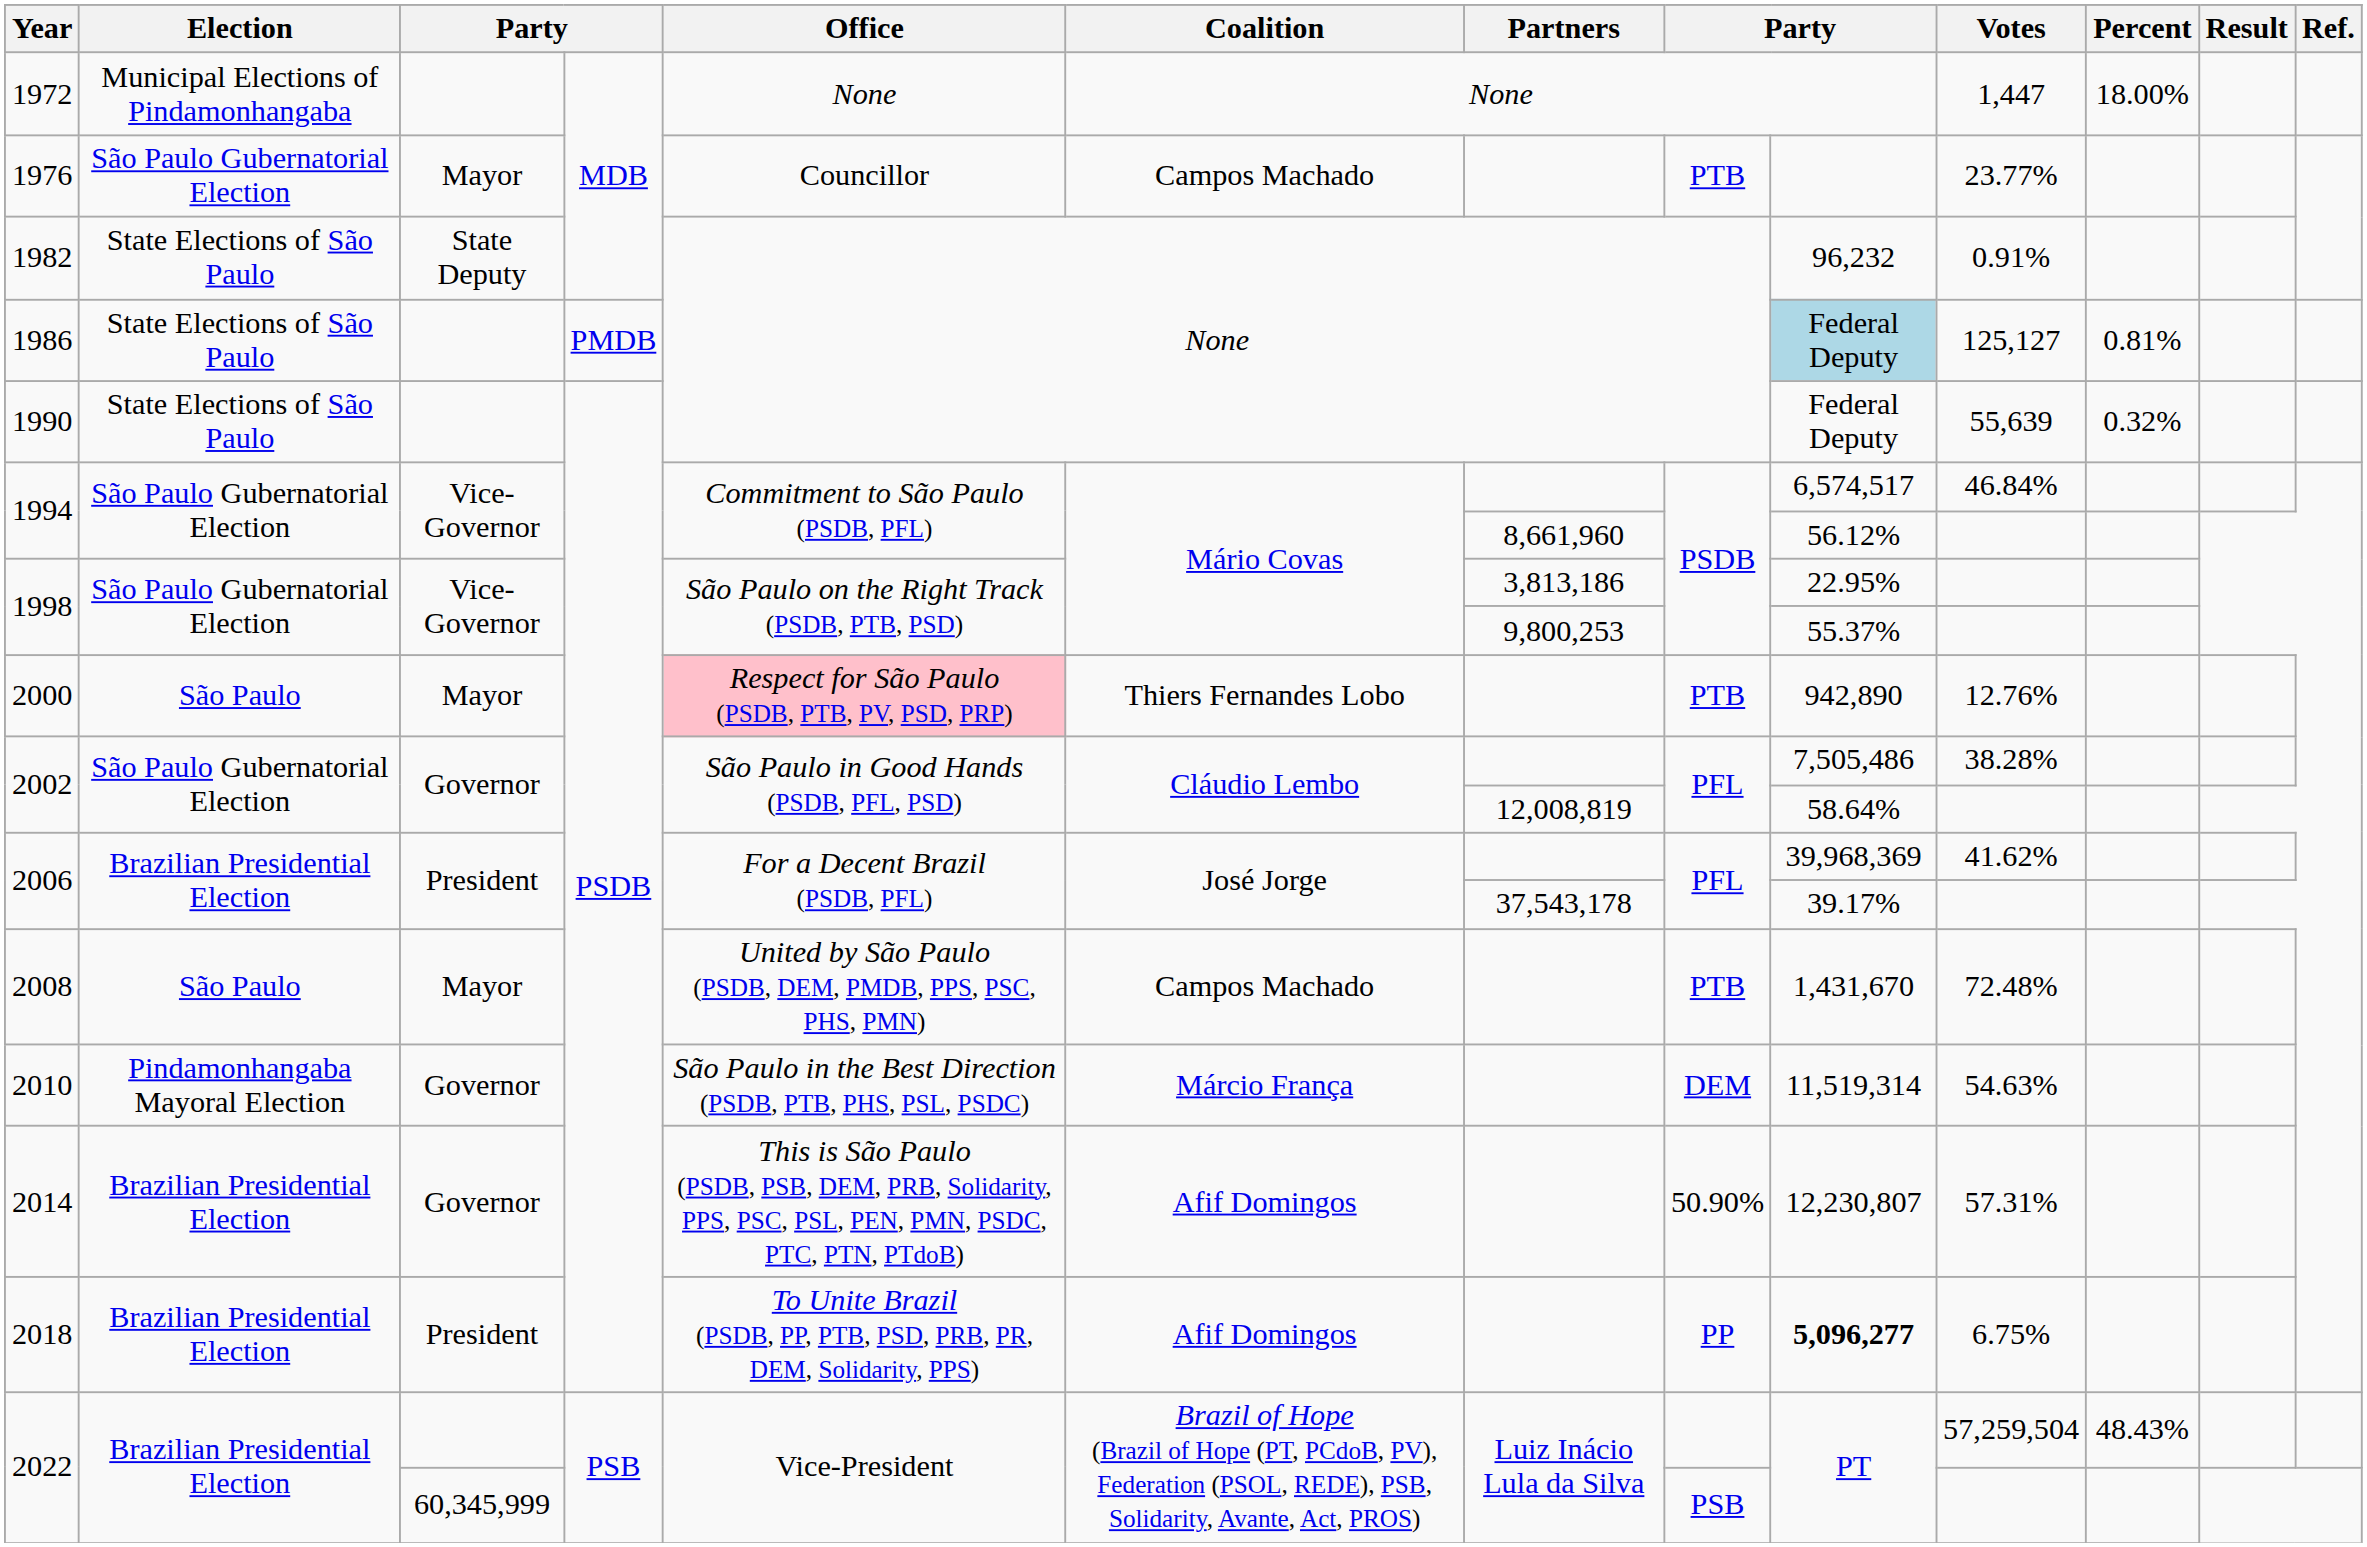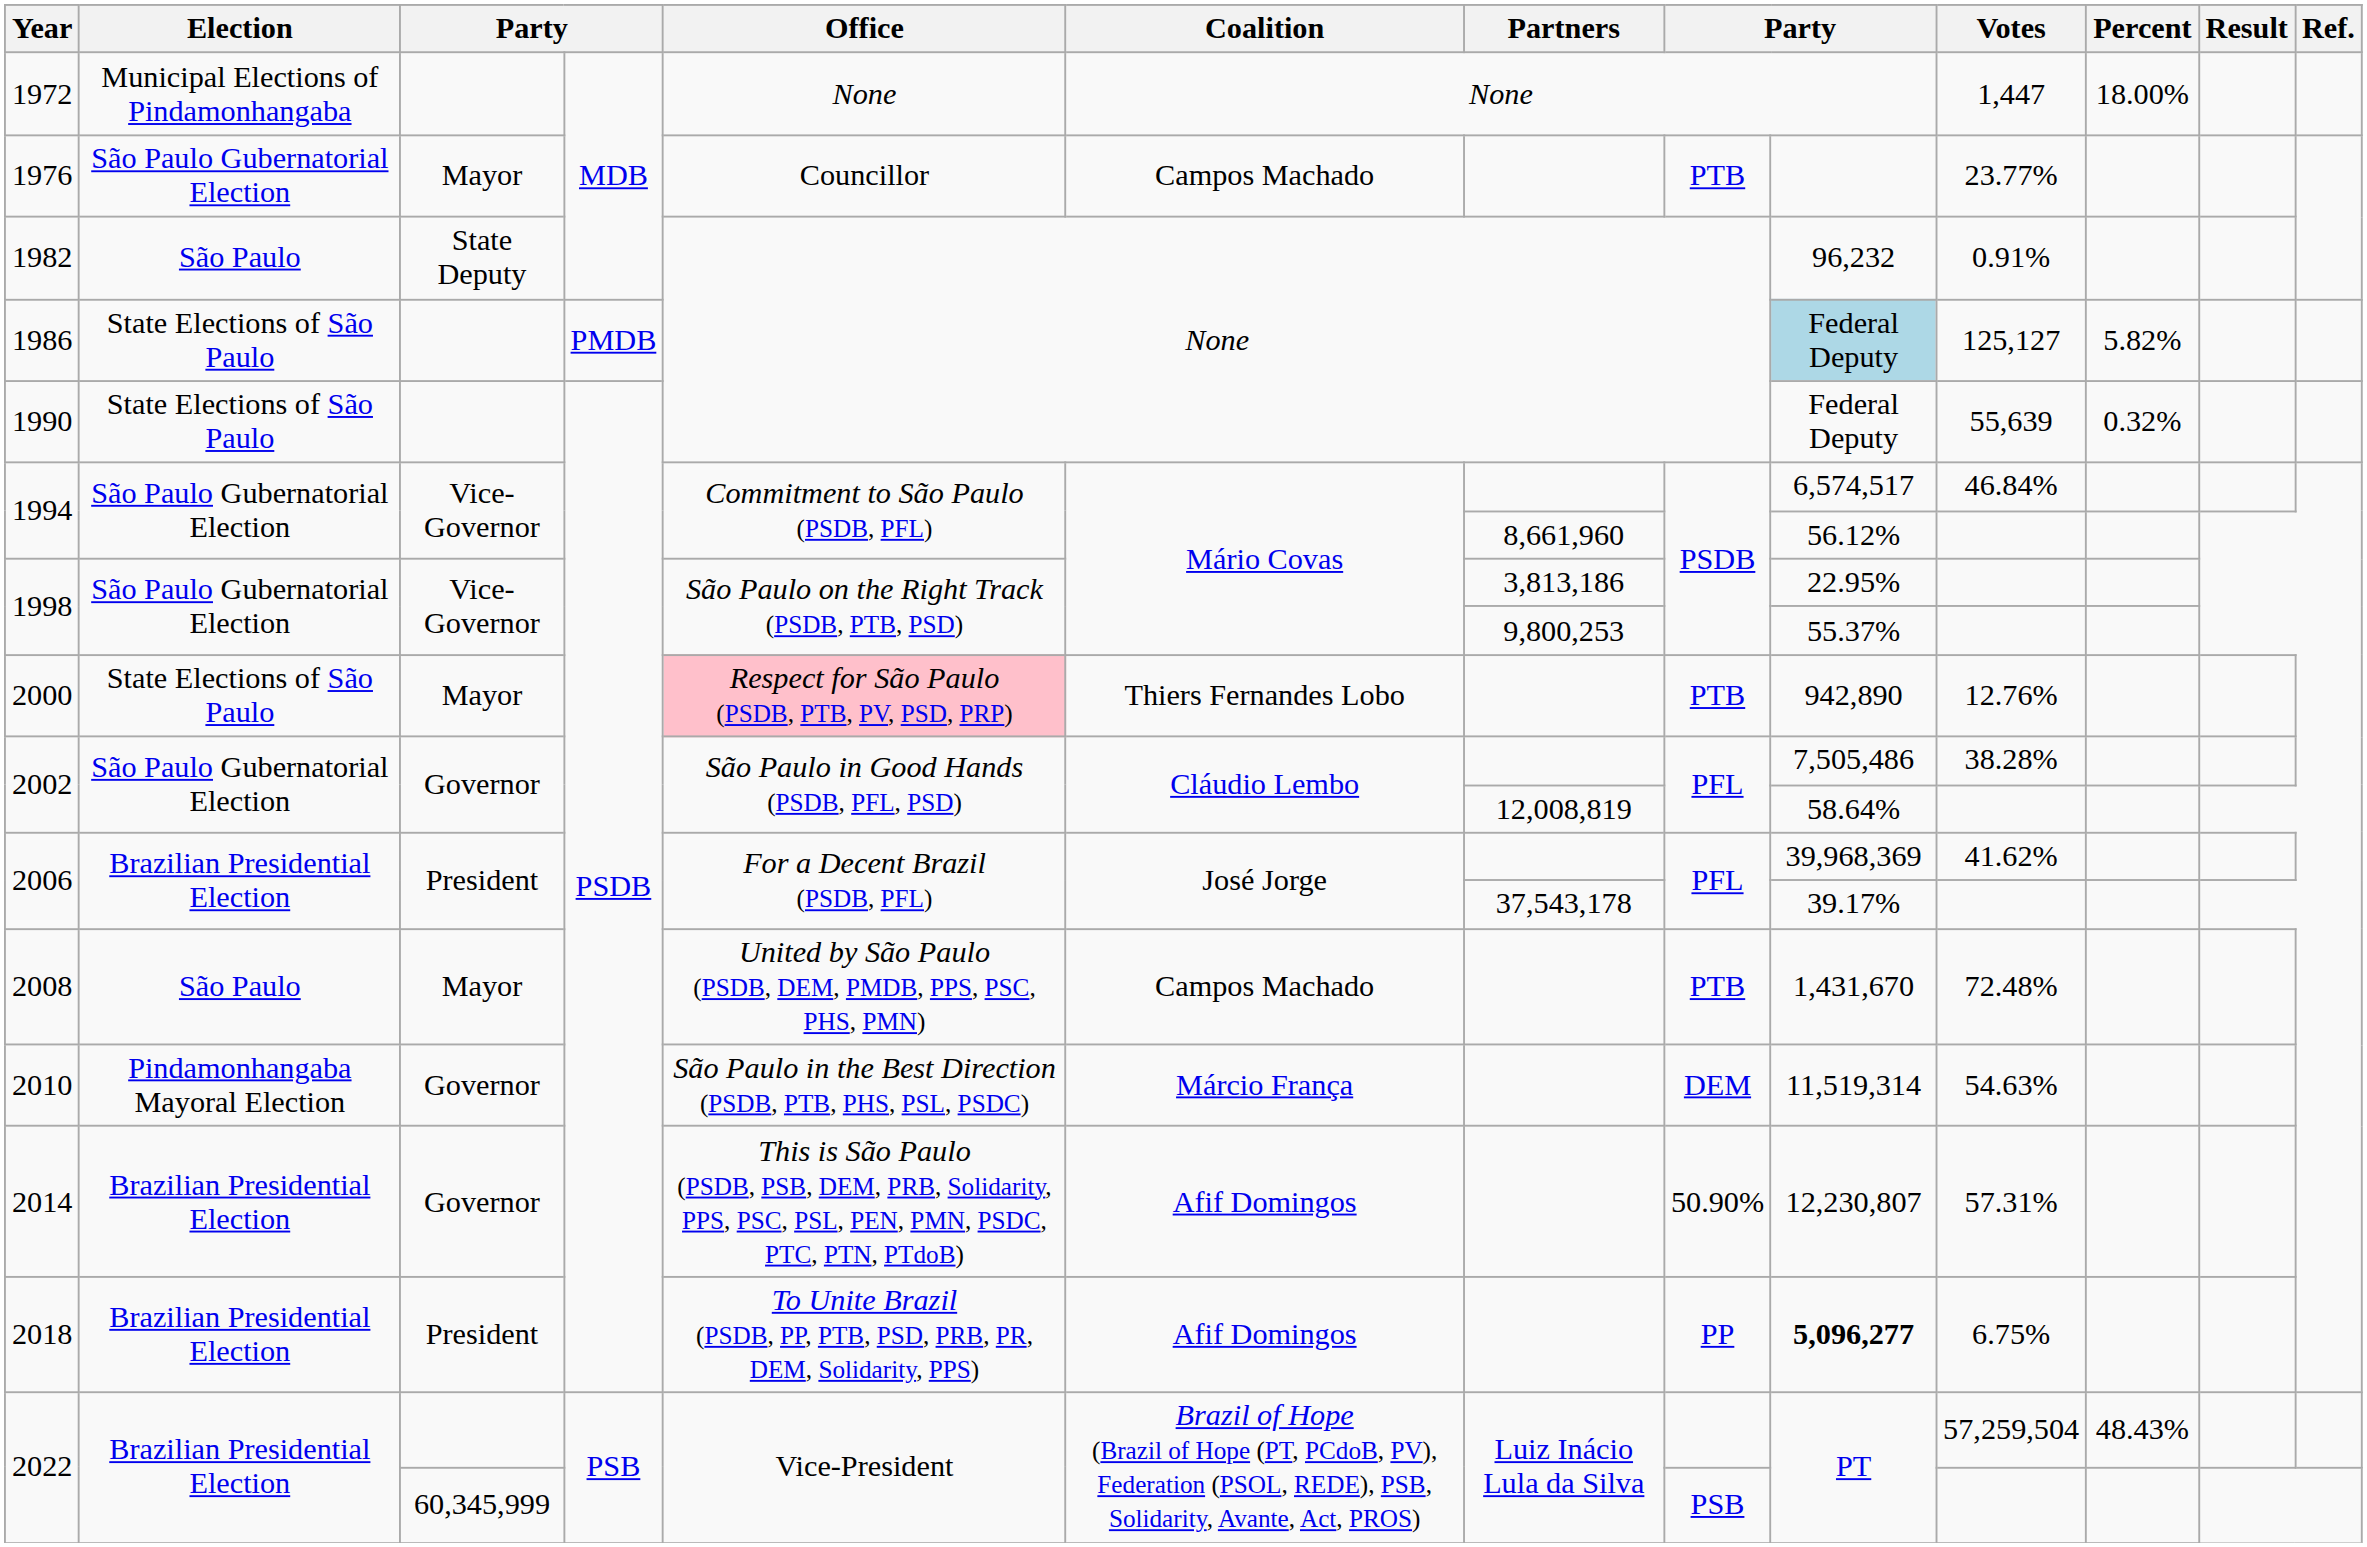 <table class="wikitable" style="text-align:center">
 <tr>
 <th>Year</th>
 <th>Election</th>
 <th colspan="2">Party</th>
 <th>Office</th>
 <th>Coalition</th>
 <th>Partners</th>
 <th colspan="2">Party</th>
 <th>Votes</th>
 <th>Percent</th>
 <th>Result</th>
 <th>Ref.</th>
 </tr>
 <tr>
 <td>1972</td>
 <td>Municipal Elections of <a href='#'>Pindamonhangaba</a></td>
 <td style="background-color:"></td>
 <td rowspan="3"><a href='#'>MDB</a></td>
 <td><em>None</em></td>
 <td colspan="4"><em>None</em></td>
 <td>1,447</td>
 <td>18.00%</td>
 <td></td>
 <td></td>
 </tr>
 <tr>
 <td>1976</td>
 <td><a href='#'>São Paulo Gubernatorial Election</a></td>
 <td>Mayor</td>
 <td>Councillor</td>
 <td>Campos Machado</td>
 <td style="background-color:"></td>
 <td><a href='#'>PTB</a></td>
 <td></td>
 <td>23.77%</td>
 <td></td>
 <td></td>
 </tr>
 <tr>
 <td>1982</td>
-<td>State Elections of <a href='#'>São Paulo</a></td>
+<td><a href='#'>São Paulo</a> </td>
 <td>State Deputy</td>
 <td colspan="4" rowspan="3"><em>None</em></td>
 <td>96,232</td>
 <td>0.91%</td>
 <td></td>
 <td></td>
 </tr>
 <tr>
 <td>1986</td>
 <td>State Elections of <a href='#'>São Paulo</a></td>
 <td style="background-color:"></td>
 <td><a href='#'>PMDB</a></td>
 <td style="background: lightblue;">Federal Deputy</td>
 <td>125,127</td>
-<td>0.81%</td>
+<td>5.82%</td>
 <td></td>
 <td></td>
 </tr>
 <tr>
 <td>1990</td>
 <td>State Elections of <a href='#'>São Paulo</a></td>
 <td style="background-color:"></td>
 <td rowspan="14"><a href='#'>PSDB</a></td>
 <td>Federal Deputy</td>
 <td>55,639</td>
 <td>0.32%</td>
 <td></td>
 <td></td>
 </tr>
 <tr>
 <td rowspan="2">1994</td>
 <td rowspan="2"><a href='#'>São Paulo</a> Gubernatorial Election</td>
 <td rowspan="2">Vice-Governor</td>
 <td rowspan="2"><em>Commitment to São Paulo</em><br><small>(<a href='#'>PSDB</a>, <a href='#'>PFL</a>)</small></td>
 <td rowspan="4"><a href='#'>Mário Covas</a></td>
 <td style="background-color:"></td>
 <td rowspan="4"><a href='#'>PSDB</a></td>
 <td>6,574,517</td>
 <td>46.84%</td>
 <td></td>
 <td></td>
 </tr>
 <tr>
 <td>8,661,960</td>
 <td>56.12%</td>
 <td><br><small><em></em></small></td>
 <td></td>
 </tr>
 <tr>
 <td rowspan="2">1998</td>
 <td rowspan="2"><a href='#'>São Paulo</a> Gubernatorial Election</td>
 <td rowspan="2">Vice-Governor</td>
 <td rowspan="2"><em>São Paulo on the Right Track</em><br><small>(<a href='#'>PSDB</a>, <a href='#'>PTB</a>, <a href='#'>PSD</a>)</small></td>
 <td>3,813,186</td>
 <td>22.95%</td>
 <td></td>
 <td></td>
 </tr>
 <tr>
 <td>9,800,253</td>
 <td>55.37%</td>
 <td><br><small><em></em></small></td>
 <td></td>
 </tr>
 <tr>
 <td>2000</td>
-<td><a href='#'>São Paulo</a> </td>
+<td>State Elections of <a href='#'>São Paulo</a></td>
 <td>Mayor</td>
 <td style="background: pink;"><em>Respect for São Paulo</em><br><small>(<a href='#'>PSDB</a>, <a href='#'>PTB</a>, <a href='#'>PV</a>, <a href='#'>PSD</a>, <a href='#'>PRP</a>)</small></td>
 <td>Thiers Fernandes Lobo</td>
 <td style="background-color:"></td>
 <td><a href='#'>PTB</a></td>
 <td>942,890</td>
 <td>12.76%</td>
 <td><br><small><em></em></small></td>
 <td></td>
 </tr>
 <tr>
 <td rowspan="2">2002</td>
 <td rowspan="2"><a href='#'>São Paulo</a> Gubernatorial Election</td>
 <td rowspan="2">Governor</td>
 <td rowspan="2"><em>São Paulo in Good Hands</em><br><small>(<a href='#'>PSDB</a>, <a href='#'>PFL</a>, <a href='#'>PSD</a>)</small></td>
 <td rowspan="2"><a href='#'>Cláudio Lembo</a></td>
 <td style="background-color:"></td>
 <td rowspan="2"><a href='#'>PFL</a></td>
 <td>7,505,486</td>
 <td>38.28%</td>
 <td></td>
 <td></td>
 </tr>
 <tr>
 <td>12,008,819</td>
 <td>58.64%</td>
 <td><br><small><em></em></small></td>
 <td></td>
 </tr>
 <tr>
 <td rowspan="2">2006</td>
 <td rowspan="2"><a href='#'>Brazilian Presidential Election</a></td>
 <td rowspan="2">President</td>
 <td rowspan="2"><em>For a Decent Brazil</em><br><small>(<a href='#'>PSDB</a>, <a href='#'>PFL</a>)</small></td>
 <td rowspan="2">José Jorge</td>
 <td style="background-color:"></td>
 <td rowspan="2"><a href='#'>PFL</a></td>
 <td>39,968,369</td>
 <td>41.62%</td>
 <td></td>
 <td></td>
 </tr>
 <tr>
 <td>37,543,178</td>
 <td>39.17%</td>
 <td><br><small><em></em></small></td>
 <td></td>
 </tr>
 <tr>
 <td>2008</td>
 <td><a href='#'>São Paulo</a> </td>
 <td>Mayor</td>
 <td><em>United by São Paulo</em><br><small>(<a href='#'>PSDB</a>, <a href='#'>DEM</a>, <a href='#'>PMDB</a>, <a href='#'>PPS</a>, <a href='#'>PSC</a>, <a href='#'>PHS</a>, <a href='#'>PMN</a>)</small></td>
 <td>Campos Machado</td>
 <td style="background-color:"></td>
 <td><a href='#'>PTB</a></td>
 <td>1,431,670</td>
 <td>72.48%</td>
 <td><br><small><em></em></small></td>
 <td></td>
 </tr>
 <tr>
 <td>2010</td>
 <td><a href='#'>Pindamonhangaba</a> Mayoral Election</td>
 <td>Governor</td>
 <td><em>São Paulo in the Best Direction</em><br><small>(<a href='#'>PSDB</a>, <a href='#'>PTB</a>, <a href='#'>PHS</a>, <a href='#'>PSL</a>, <a href='#'>PSDC</a>)</small></td>
 <td><a href='#'>Márcio França</a></td>
 <td style="background-color:"></td>
 <td><a href='#'>DEM</a></td>
 <td>11,519,314</td>
 <td>54.63%</td>
 <td><br><small><em></em></small></td>
 <td></td>
 </tr>
 <tr>
 <td>2014</td>
 <td><a href='#'>Brazilian Presidential Election</a></td>
 <td>Governor</td>
 <td><em>This is São Paulo</em><br><small>(<a href='#'>PSDB</a>, <a href='#'>PSB</a>, <a href='#'>DEM</a>, <a href='#'>PRB</a>, <a href='#'>Solidarity</a>, <a href='#'>PPS</a>, <a href='#'>PSC</a>, <a href='#'>PSL</a>, <a href='#'>PEN</a>, <a href='#'>PMN</a>, <a href='#'>PSDC</a>, <a href='#'>PTC</a>, <a href='#'>PTN</a>, <a href='#'>PTdoB</a>)</small></td>
 <td><a href='#'>Afif Domingos</a></td>
 <td style="background-color:"></td>
 <td>50.90%</td>
 <td>12,230,807</td>
 <td>57.31%</td>
 <td><br><small><em></em></small></td>
 <td></td>
 </tr>
 <tr>
 <td>2018</td>
 <td><a href='#'>Brazilian Presidential Election</a></td>
 <td>President</td>
 <td><em><a href='#'>To Unite Brazil</a></em><br><small>(<a href='#'>PSDB</a>, <a href='#'>PP</a>, <a href='#'>PTB</a>, <a href='#'>PSD</a>, <a href='#'>PRB</a>, <a href='#'>PR</a>, <a href='#'>DEM</a>, <a href='#'>Solidarity</a>, <a href='#'>PPS</a>)</small></td>
 <td><a href='#'>Afif Domingos</a></td>
 <td style="background-color:"></td>
 <td><a href='#'>PP</a></td>
 <td><strong>5,096,277</strong></td>
 <td>6.75%</td>
 <td><br><small><em></em></small></td>
 <td></td>
 </tr>
 <tr>
 <td rowspan="2">2022</td>
 <td rowspan="2"><a href='#'>Brazilian Presidential Election</a></td>
 <td style="background-color:"></td>
 <td rowspan="2"><a href='#'>PSB</a></td>
 <td rowspan="2">Vice-President</td>
 <td rowspan="2"><em><a href='#'>Brazil of Hope</a></em><br><small>(<a href='#'>Brazil of Hope</a> (<a href='#'>PT</a>, <a href='#'>PCdoB</a>, <a href='#'>PV</a>), <a href='#'> Federation</a> (<a href='#'>PSOL</a>, <a href='#'>REDE</a>), <a href='#'>PSB</a>, <a href='#'>Solidarity</a>, <a href='#'>Avante</a>, <a href='#'>Act</a>, <a href='#'>PROS</a>)</small></td>
 <td rowspan="2"><a href='#'>Luiz Inácio Lula da Silva</a></td>
 <td style="background-color:"></td>
 <td rowspan="2"><a href='#'>PT</a></td>
 <td>57,259,504</td>
 <td>48.43%</td>
 <td></td>
 <td></td>
 </tr>
 <tr>
 <td>60,345,999</td>
 <td><a href='#'>PSB</a></td>
 <td><br><small><em></em></small></td>
 <td></td>
 </tr>
 <tr>
 </tr>
 </table>
